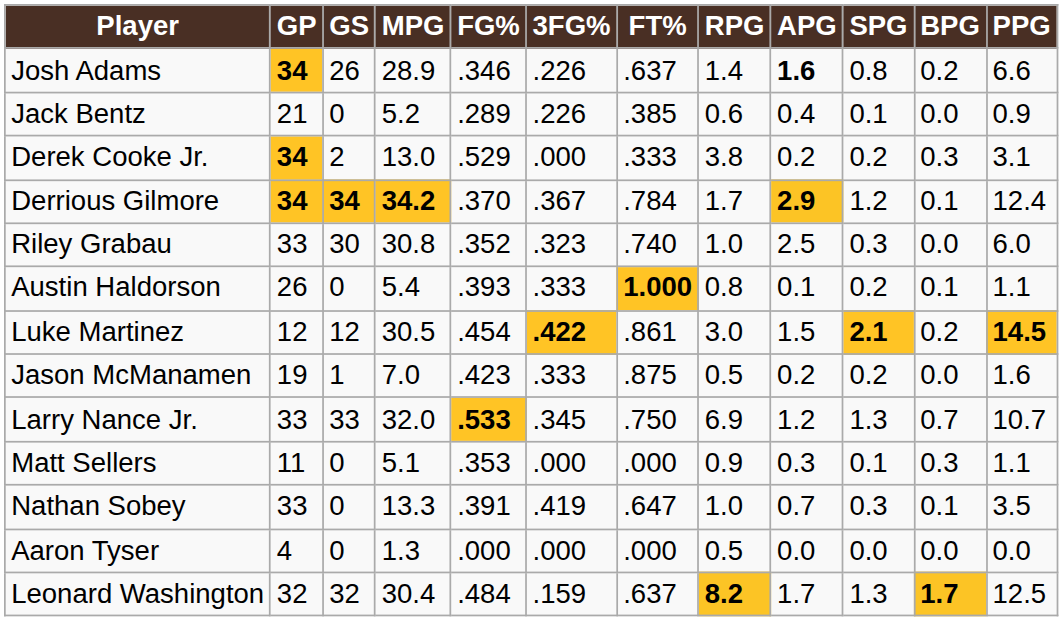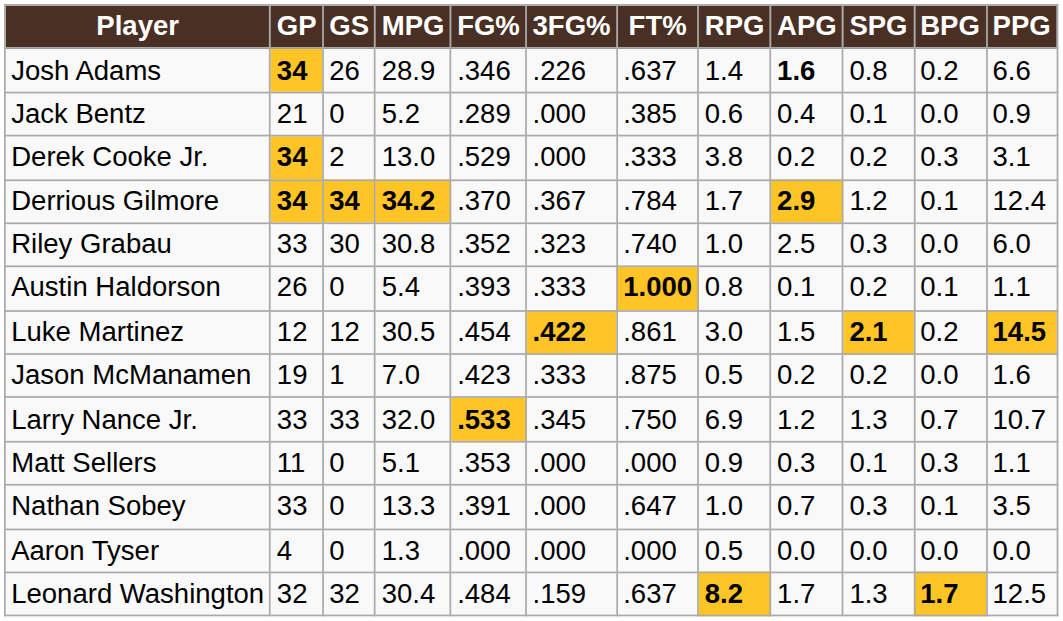 <table class="wikitable sortable">
 <tr>
 <th style="background:#492f24; color:white">Player</th>
 <th style="background:#492f24; color:white">GP</th>
 <th style="background:#492f24; color:white">GS</th>
 <th style="background:#492f24; color:white">MPG</th>
 <th style="background:#492f24; color:white">FG%</th>
 <th style="background:#492f24; color:white">3FG%</th>
 <th style="background:#492f24; color:white">FT%</th>
 <th style="background:#492f24; color:white;">RPG</th>
 <th style="background:#492f24; color:white;">APG</th>
 <th style="background:#492f24; color:white;">SPG</th>
 <th style="background:#492f24; color:white;">BPG</th>
 <th style="background:#492f24; color:white;">PPG</th>
 </tr>
 <tr>
 <td>Josh Adams</td>
 <td style="background:#ffc425"><strong>34</strong></td>
 <td>26</td>
 <td>28.9</td>
 <td>.346</td>
 <td>.226</td>
 <td>.637</td>
 <td>1.4</td>
 <td><strong>1.6</strong></td>
 <td>0.8</td>
 <td>0.2</td>
 <td>6.6</td>
 </tr>
 <tr>
 <td>Jack Bentz</td>
 <td>21</td>
 <td>0</td>
 <td>5.2</td>
 <td>.289</td>
-<td>.226</td>
+<td>.000</td>
 <td>.385</td>
 <td>0.6</td>
 <td>0.4</td>
 <td>0.1</td>
 <td>0.0</td>
 <td>0.9</td>
 </tr>
 <tr>
 <td>Derek Cooke Jr.</td>
 <td style="background:#ffc425"><strong>34</strong></td>
 <td>2</td>
 <td>13.0</td>
 <td>.529</td>
 <td>.000</td>
 <td>.333</td>
 <td>3.8</td>
 <td>0.2</td>
 <td>0.2</td>
 <td>0.3</td>
 <td>3.1</td>
 </tr>
 <tr>
 <td>Derrious Gilmore</td>
 <td style="background:#ffc425"><strong>34</strong></td>
 <td style="background:#ffc425"><strong>34</strong></td>
 <td style="background:#ffc425"><strong>34.2</strong></td>
 <td>.370</td>
 <td>.367</td>
 <td>.784</td>
 <td>1.7</td>
 <td style="background:#fcc425"><strong>2.9</strong></td>
 <td>1.2</td>
 <td>0.1</td>
 <td>12.4</td>
 </tr>
 <tr>
 <td>Riley Grabau</td>
 <td>33</td>
 <td>30</td>
 <td>30.8</td>
 <td>.352</td>
 <td>.323</td>
 <td>.740</td>
 <td>1.0</td>
 <td>2.5</td>
 <td>0.3</td>
 <td>0.0</td>
 <td>6.0</td>
 </tr>
 <tr>
 <td>Austin Haldorson</td>
 <td>26</td>
 <td>0</td>
 <td>5.4</td>
 <td>.393</td>
 <td>.333</td>
 <td style="background:#ffc425"><strong>1.000</strong></td>
 <td>0.8</td>
 <td>0.1</td>
 <td>0.2</td>
 <td>0.1</td>
 <td>1.1</td>
 </tr>
 <tr>
 <td>Luke Martinez</td>
 <td>12</td>
 <td>12</td>
 <td>30.5</td>
 <td>.454</td>
 <td style="background:#ffc425"><strong>.422</strong></td>
 <td>.861</td>
 <td>3.0</td>
 <td>1.5</td>
 <td style="background:#ffc425"><strong>2.1</strong></td>
 <td>0.2</td>
 <td style="background:#ffc425"><strong>14.5</strong></td>
 </tr>
 <tr>
 <td>Jason McManamen</td>
 <td>19</td>
 <td>1</td>
 <td>7.0</td>
 <td>.423</td>
 <td>.333</td>
 <td>.875</td>
 <td>0.5</td>
 <td>0.2</td>
 <td>0.2</td>
 <td>0.0</td>
 <td>1.6</td>
 </tr>
 <tr>
 <td>Larry Nance Jr.</td>
 <td>33</td>
 <td>33</td>
 <td>32.0</td>
 <td style="background:#ffc425"><strong>.533</strong></td>
 <td>.345</td>
 <td>.750</td>
 <td>6.9</td>
 <td>1.2</td>
 <td>1.3</td>
 <td>0.7</td>
 <td>10.7</td>
 </tr>
 <tr>
 <td>Matt Sellers</td>
 <td>11</td>
 <td>0</td>
 <td>5.1</td>
 <td>.353</td>
 <td>.000</td>
 <td>.000</td>
 <td>0.9</td>
 <td>0.3</td>
 <td>0.1</td>
 <td>0.3</td>
 <td>1.1</td>
 </tr>
 <tr>
 <td>Nathan Sobey</td>
 <td>33</td>
 <td>0</td>
 <td>13.3</td>
 <td>.391</td>
-<td>.419</td>
+<td>.000</td>
 <td>.647</td>
 <td>1.0</td>
 <td>0.7</td>
 <td>0.3</td>
 <td>0.1</td>
 <td>3.5</td>
 </tr>
 <tr>
 <td>Aaron Tyser</td>
 <td>4</td>
 <td>0</td>
 <td>1.3</td>
 <td>.000</td>
 <td>.000</td>
 <td>.000</td>
 <td>0.5</td>
 <td>0.0</td>
 <td>0.0</td>
 <td>0.0</td>
 <td>0.0</td>
 </tr>
 <tr>
 <td>Leonard Washington</td>
 <td>32</td>
 <td>32</td>
 <td>30.4</td>
 <td>.484</td>
 <td>.159</td>
 <td>.637</td>
 <td style="background:#fcc425"><strong>8.2</strong></td>
 <td>1.7</td>
 <td>1.3</td>
 <td style="background:#fcc425"><strong>1.7</strong></td>
 <td>12.5</td>
 </tr>
 </table>
